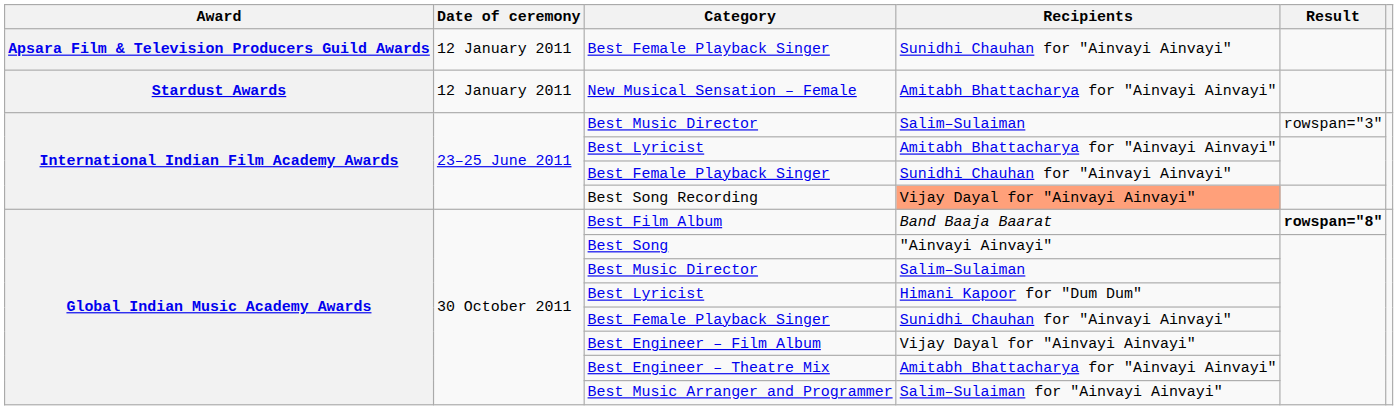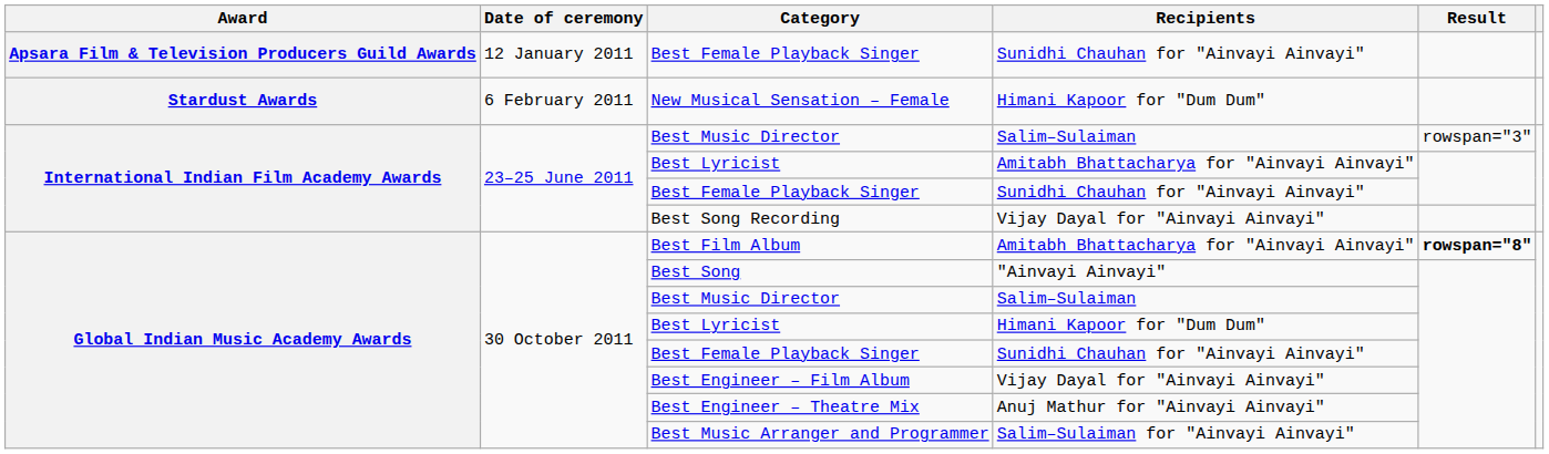 <table class="wikitable plainrowheaders sortable">
 <tr>
 <th scope="col">Award</th>
 <th scope="col">Date of ceremony</th>
 <th scope="col">Category</th>
 <th scope="col">Recipients</th>
 <th scope="col">Result</th>
 <th scope="col" class="unsortable"></th>
 </tr>
 <tr>
 <th scope="row"><a href='#'>Apsara Film & Television Producers Guild Awards</a></th>
 <td>12 January 2011</td>
 <td><a href='#'>Best Female Playback Singer</a></td>
 <td><a href='#'>Sunidhi Chauhan</a> for "Ainvayi Ainvayi"</td>
 <td></td>
 <td style="text-align:center;"><br><br></td>
 </tr>
 <tr>
 <th scope="row"><a href='#'>Stardust Awards</a></th>
-<td>12 January 2011</td>
+<td>6 February 2011</td>
 <td><a href='#'>New Musical Sensation – Female</a></td>
-<td><a href='#'>Amitabh Bhattacharya</a> for "Ainvayi Ainvayi"</td>
+<td><a href='#'>Himani Kapoor</a> for "Dum Dum"</td>
 <td></td>
 <td style="text-align:center;"><br><br></td>
 </tr>
 <tr>
 <th rowspan="4" scope="row"><a href='#'>International Indian Film Academy Awards</a></th>
 <td rowspan="4"><a href='#'>23–25 June 2011</a></td>
 <td><a href='#'>Best Music Director</a></td>
 <td><a href='#'>Salim–Sulaiman</a></td>
 <td>rowspan="3" </td>
 <td rowspan="4" style="text-align:center;"><br><br><br></td>
 </tr>
 <tr>
 <td><a href='#'>Best Lyricist</a></td>
 <td><a href='#'>Amitabh Bhattacharya</a> for "Ainvayi Ainvayi"</td>
 </tr>
 <tr>
 <td><a href='#'>Best Female Playback Singer</a></td>
 <td><a href='#'>Sunidhi Chauhan</a> for "Ainvayi Ainvayi"</td>
 </tr>
 <tr>
 <td>Best Song Recording</td>
-<td style="background: lightsalmon;">Vijay Dayal for "Ainvayi Ainvayi"</td>
+<td>Vijay Dayal for "Ainvayi Ainvayi"</td>
 <td></td>
 </tr>
 <tr>
 <th rowspan="8" scope="row"><a href='#'>Global Indian Music Academy Awards</a></th>
 <td rowspan="8">30 October 2011</td>
 <td><a href='#'>Best Film Album</a></td>
-<td><em>Band Baaja Baarat</em></td>
+<td><a href='#'>Amitabh Bhattacharya</a> for "Ainvayi Ainvayi"</td>
 <td><strong>rowspan="8" </strong></td>
 <td rowspan="8" style="text-align:center;"><br><br></td>
 </tr>
 <tr>
 <td><a href='#'>Best Song</a></td>
 <td>"Ainvayi Ainvayi"</td>
 </tr>
 <tr>
 <td><a href='#'>Best Music Director</a></td>
 <td><a href='#'>Salim–Sulaiman</a></td>
 </tr>
 <tr>
 <td><a href='#'>Best Lyricist</a></td>
 <td><a href='#'>Himani Kapoor</a> for "Dum Dum"</td>
 </tr>
 <tr>
 <td><a href='#'>Best Female Playback Singer</a></td>
 <td><a href='#'>Sunidhi Chauhan</a> for "Ainvayi Ainvayi"</td>
 </tr>
 <tr>
 <td><a href='#'>Best Engineer – Film Album</a></td>
 <td>Vijay Dayal for "Ainvayi Ainvayi"</td>
 </tr>
 <tr>
 <td><a href='#'>Best Engineer – Theatre Mix</a></td>
-<td><a href='#'>Amitabh Bhattacharya</a> for "Ainvayi Ainvayi"</td>
+<td>Anuj Mathur for "Ainvayi Ainvayi"</td>
 </tr>
 <tr>
 <td><a href='#'>Best Music Arranger and Programmer</a></td>
 <td><a href='#'>Salim–Sulaiman</a> for "Ainvayi Ainvayi"</td>
 </tr>
 </table>
